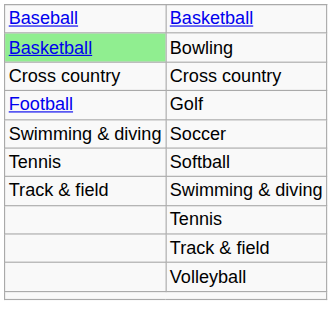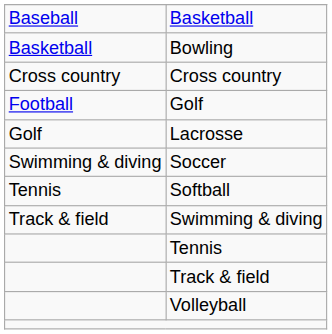 <table class="wikitable" style=" ">
 <tr>
 </tr>
 <tr>
 <td><a href='#'>Baseball</a></td>
 <td><a href='#'>Basketball</a></td>
 </tr>
 <tr>
-<td style="background: lightgreen;"><a href='#'>Basketball</a></td>
+<td><a href='#'>Basketball</a></td>
 <td>Bowling</td>
 </tr>
 <tr>
 <td>Cross country</td>
 <td>Cross country</td>
 </tr>
 <tr>
 <td><a href='#'>Football</a></td>
 <td>Golf</td>
+</tr>
+<tr>
+<td>Golf</td>
+<td>Lacrosse</td>
 </tr>
 <tr>
 <td>Swimming & diving</td>
 <td>Soccer</td>
 </tr>
 <tr>
 <td>Tennis</td>
 <td>Softball</td>
 </tr>
 <tr>
 <td>Track & field</td>
 <td>Swimming & diving</td>
 </tr>
 <tr>
 <td></td>
 <td>Tennis</td>
 </tr>
 <tr>
 <td></td>
 <td>Track & field</td>
 </tr>
 <tr>
 <td></td>
 <td>Volleyball</td>
 </tr>
 <tr>
 <td colspan="2"></td>
 </tr>
 </table>
